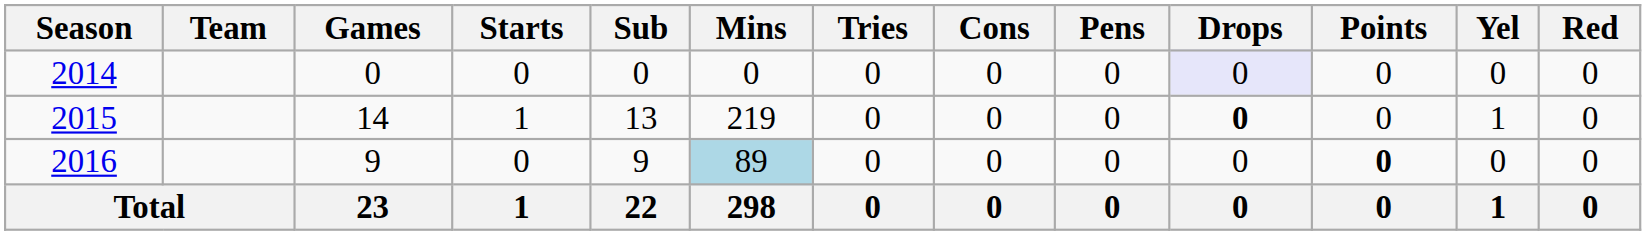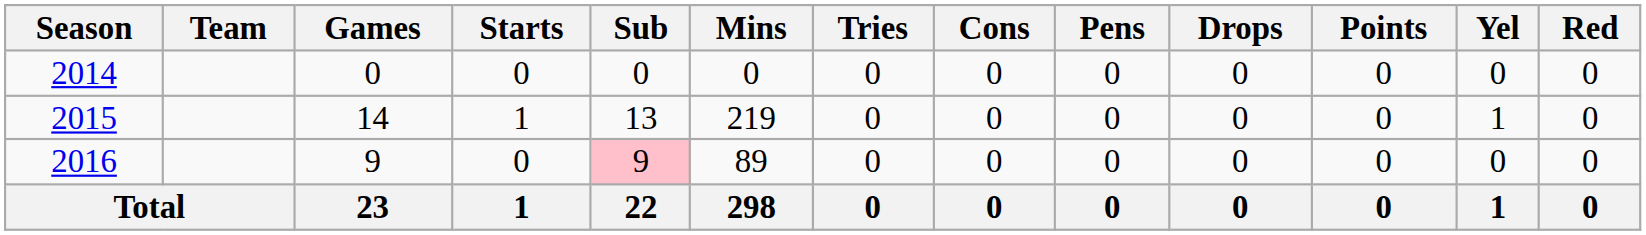 <table class="wikitable" style="text-align:center; line-height:90%; font-size:95%; width:60%;">
 <tr>
 <th>Season</th>
 <th>Team</th>
 <th>Games</th>
 <th>Starts</th>
 <th>Sub</th>
 <th>Mins</th>
 <th>Tries</th>
 <th>Cons</th>
 <th>Pens</th>
 <th>Drops</th>
 <th>Points</th>
 <th>Yel</th>
 <th>Red</th>
 </tr>
 <tr>
 <td><a href='#'>2014</a></td>
 <td></td>
 <td>0</td>
 <td>0</td>
 <td>0</td>
 <td>0</td>
 <td>0</td>
 <td>0</td>
 <td>0</td>
-<td style="background: lavender;">0</td>
+<td>0</td>
 <td>0</td>
 <td>0</td>
 <td>0</td>
 </tr>
 <tr>
 <td><a href='#'>2015</a></td>
 <td></td>
 <td>14</td>
 <td>1</td>
 <td>13</td>
 <td>219</td>
 <td>0</td>
 <td>0</td>
 <td>0</td>
-<td><strong>0</strong></td>
+<td>0</td>
 <td>0</td>
 <td>1</td>
 <td>0</td>
 </tr>
 <tr>
 <td><a href='#'>2016</a></td>
 <td></td>
 <td>9</td>
 <td>0</td>
-<td>9</td>
-<td style="background: lightblue;">89</td>
+<td style="background: pink;">9</td>
+<td>89</td>
 <td>0</td>
 <td>0</td>
 <td>0</td>
 <td>0</td>
-<td><strong>0</strong></td>
+<td>0</td>
 <td>0</td>
 <td>0</td>
 </tr>
 <tr>
 <th colspan="2">Total</th>
 <th>23</th>
 <th>1</th>
 <th>22</th>
 <th>298</th>
 <th>0</th>
 <th>0</th>
 <th>0</th>
 <th>0</th>
 <th>0</th>
 <th>1</th>
 <th>0</th>
 </tr>
 </table>
